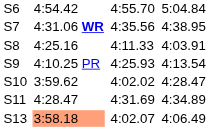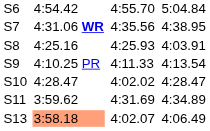 <table>
 <tr>
 <td>S6 <br></td>
 <td></td>
 <td>4:54.42</td>
 <td></td>
 <td>4:55.70</td>
 <td></td>
 <td>5:04.84</td>
 </tr>
 <tr>
 <td>S7 <br></td>
 <td></td>
 <td>4:31.06 <strong><a href='#'>WR</a></strong></td>
 <td></td>
 <td>4:35.56</td>
 <td></td>
 <td>4:38.95</td>
 </tr>
 <tr>
 <td>S8 <br></td>
 <td></td>
 <td>4:25.16</td>
 <td></td>
-<td>4:11.33</td>
+<td>4:25.93</td>
 <td></td>
 <td>4:03.91</td>
 </tr>
 <tr>
 <td>S9 <br></td>
 <td></td>
 <td>4:10.25 <a href='#'>PR</a></td>
 <td></td>
-<td>4:25.93</td>
+<td>4:11.33</td>
 <td></td>
 <td>4:13.54</td>
 </tr>
 <tr>
 <td>S10 <br></td>
 <td></td>
-<td>3:59.62</td>
+<td>4:28.47</td>
 <td></td>
 <td>4:02.02</td>
 <td></td>
 <td>4:28.47</td>
 </tr>
 <tr>
 <td>S11 <br></td>
 <td></td>
-<td>4:28.47</td>
+<td>3:59.62</td>
 <td></td>
 <td>4:31.69</td>
 <td></td>
 <td>4:34.89</td>
 </tr>
 <tr>
 <td>S13 <br></td>
 <td></td>
 <td style="background: lightsalmon;">3:58.18</td>
 <td></td>
 <td>4:02.07</td>
 <td></td>
 <td>4:06.49</td>
 </tr>
 </table>
